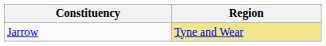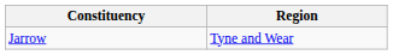 <table class="wikitable">
 <tr>
 <th width="225px">Constituency</th>
 <th width="200px">Region</th>
 </tr>
 <tr>
 <td><a href='#'>Jarrow</a></td>
-<td style="background: khaki;"><a href='#'>Tyne and Wear</a></td>
+<td><a href='#'>Tyne and Wear</a></td>
 </tr>
 </table>
